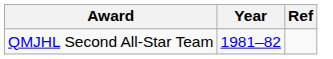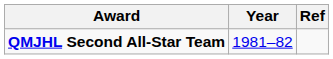 <table class="wikitable">
 <tr>
 <th>Award</th>
 <th>Year</th>
 <th>Ref</th>
 </tr>
 <tr>
-<td><a href='#'>QMJHL</a> Second All-Star Team</td>
+<td><strong><a href='#'>QMJHL</a> Second All-Star Team</strong></td>
 <td><a href='#'>1981–82</a></td>
 <td></td>
 </tr>
 </table>
